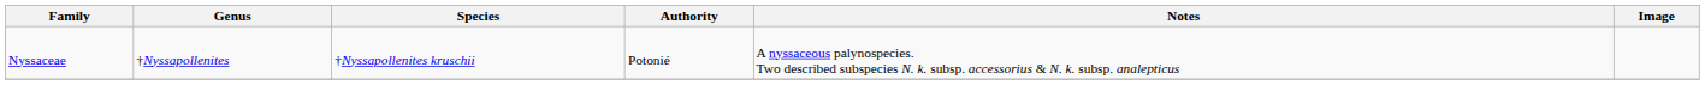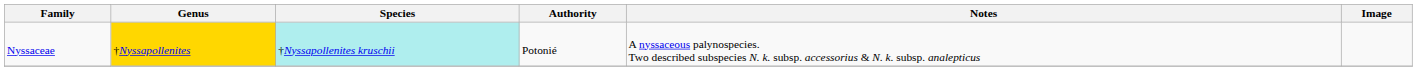 <table class="wikitable" align="center" width="100%">
 <tr>
 <th>Family</th>
 <th>Genus</th>
 <th>Species</th>
 <th>Authority</th>
 <th>Notes</th>
 <th>Image</th>
 </tr>
 <tr>
 <td><br><a href='#'>Nyssaceae</a></td>
-<td><br>†<em><a href='#'>Nyssapollenites</a></em></td>
-<td><br>†<em><a href='#'>Nyssapollenites kruschii</a></em></td>
+<td style="background: gold;"><br>†<em><a href='#'>Nyssapollenites</a></em></td>
+<td style="background: paleturquoise;"><br>†<em><a href='#'>Nyssapollenites kruschii</a></em></td>
 <td><br>Potonié</td>
 <td><br>A <a href='#'>nyssaceous</a> palynospecies.<br> Two described subspecies <em>N. k.</em> subsp. <em>accessorius</em> & <em>N. k.</em> subsp. <em>analepticus</em></td>
 <td></td>
 </tr>
 <tr>
 </tr>
 </table>
